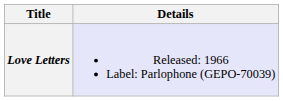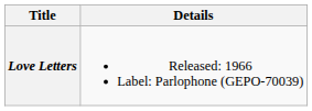 <table class="wikitable plainrowheaders" style="text-align:center;" border="1">
 <tr>
 <th>Title</th>
 <th>Details</th>
 </tr>
 <tr>
 <th scope="row"><em>Love Letters</em></th>
-<td style="background: lavender;"><br><ul><li>Released: 1966</li><li>Label: Parlophone (GEPO-70039)</li></ul></td>
+<td><br><ul><li>Released: 1966</li><li>Label: Parlophone (GEPO-70039)</li></ul></td>
 </tr>
 </table>
